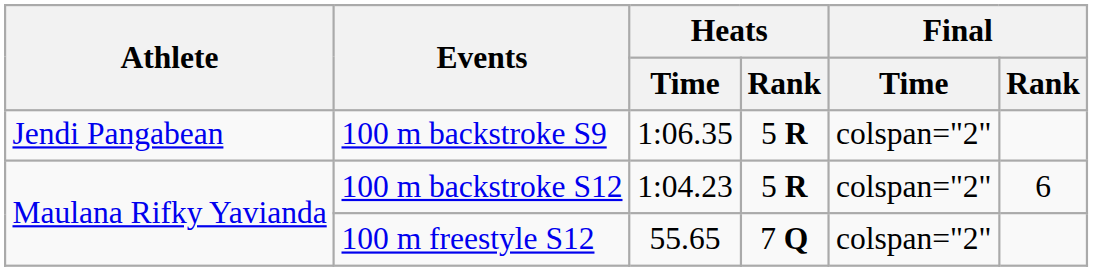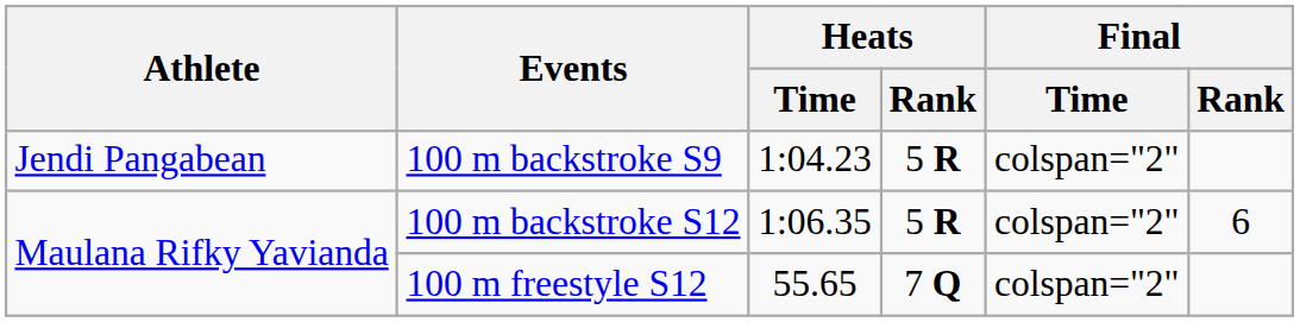 <table class=wikitable style="font-size:90%">
 <tr>
 <th rowspan="2">Athlete</th>
 <th rowspan="2">Events</th>
 <th colspan="2">Heats</th>
 <th colspan="2">Final</th>
 </tr>
 <tr>
 <th>Time</th>
 <th>Rank</th>
 <th>Time</th>
 <th>Rank</th>
 </tr>
 <tr align=center>
 <td align=left><a href='#'>Jendi Pangabean</a></td>
 <td align=left><a href='#'>100 m backstroke S9</a></td>
-<td>1:06.35</td>
+<td>1:04.23</td>
 <td>5 <strong>R</strong></td>
 <td>colspan="2" </td>
 </tr>
 <tr align=center>
 <td align=left rowspan=2><a href='#'>Maulana Rifky Yavianda</a></td>
 <td align=left><a href='#'>100 m backstroke S12</a></td>
-<td>1:04.23</td>
+<td>1:06.35</td>
 <td>5 <strong>R</strong></td>
 <td>colspan="2" </td>
 <td>6</td>
 </tr>
 <tr align=center>
 <td align=left><a href='#'>100 m freestyle S12</a></td>
 <td>55.65</td>
 <td>7 <strong>Q</strong></td>
 <td>colspan="2" </td>
 </tr>
 </table>
